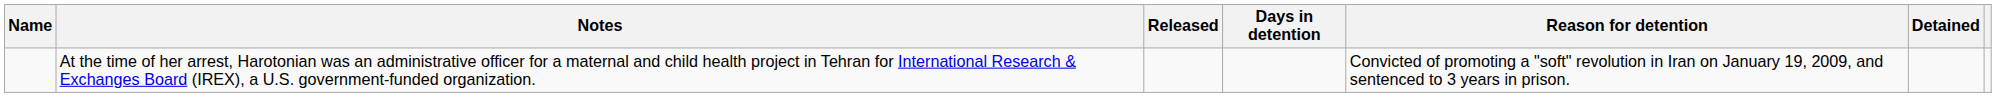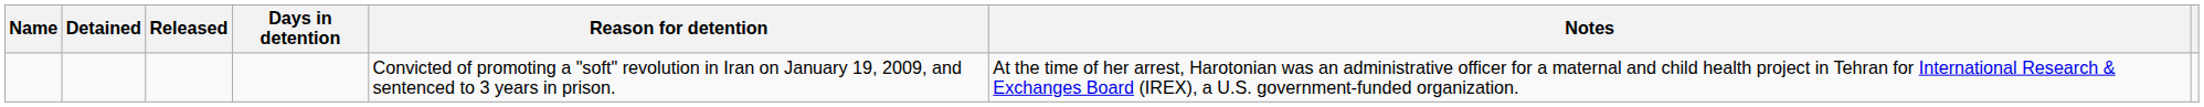 <table class="wikitable sortable">
 <tr>
 <th>Name</th>
-<th>Notes</th>
+<th>Detained</th>
 <th>Released</th>
 <th>Days in detention</th>
 <th>Reason for detention</th>
-<th>Detained</th>
+<th>Notes</th>
 <th class="unsortable"></th>
 </tr>
 <tr>
 <td></td>
-<td>At the time of her arrest, Harotonian was an administrative officer for a maternal and child health project in Tehran for <a href='#'>International Research & Exchanges Board</a> (IREX), a U.S. government-funded organization.</td>
+<td></td>
 <td></td>
 <td></td>
 <td>Convicted of promoting a "soft" revolution in Iran on January 19, 2009, and sentenced to 3 years in prison.</td>
-<td></td>
+<td>At the time of her arrest, Harotonian was an administrative officer for a maternal and child health project in Tehran for <a href='#'>International Research & Exchanges Board</a> (IREX), a U.S. government-funded organization.</td>
 <td align="center"></td>
 </tr>
 </table>
